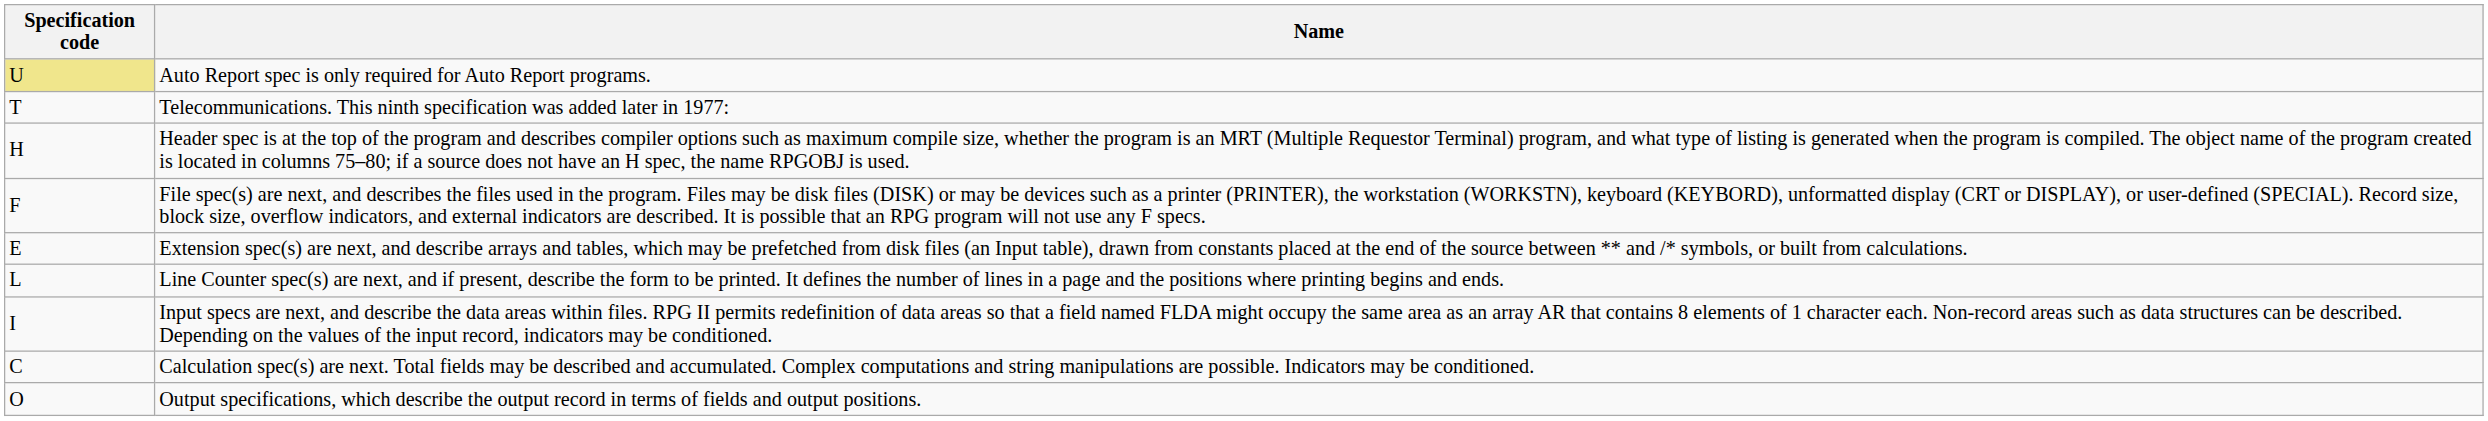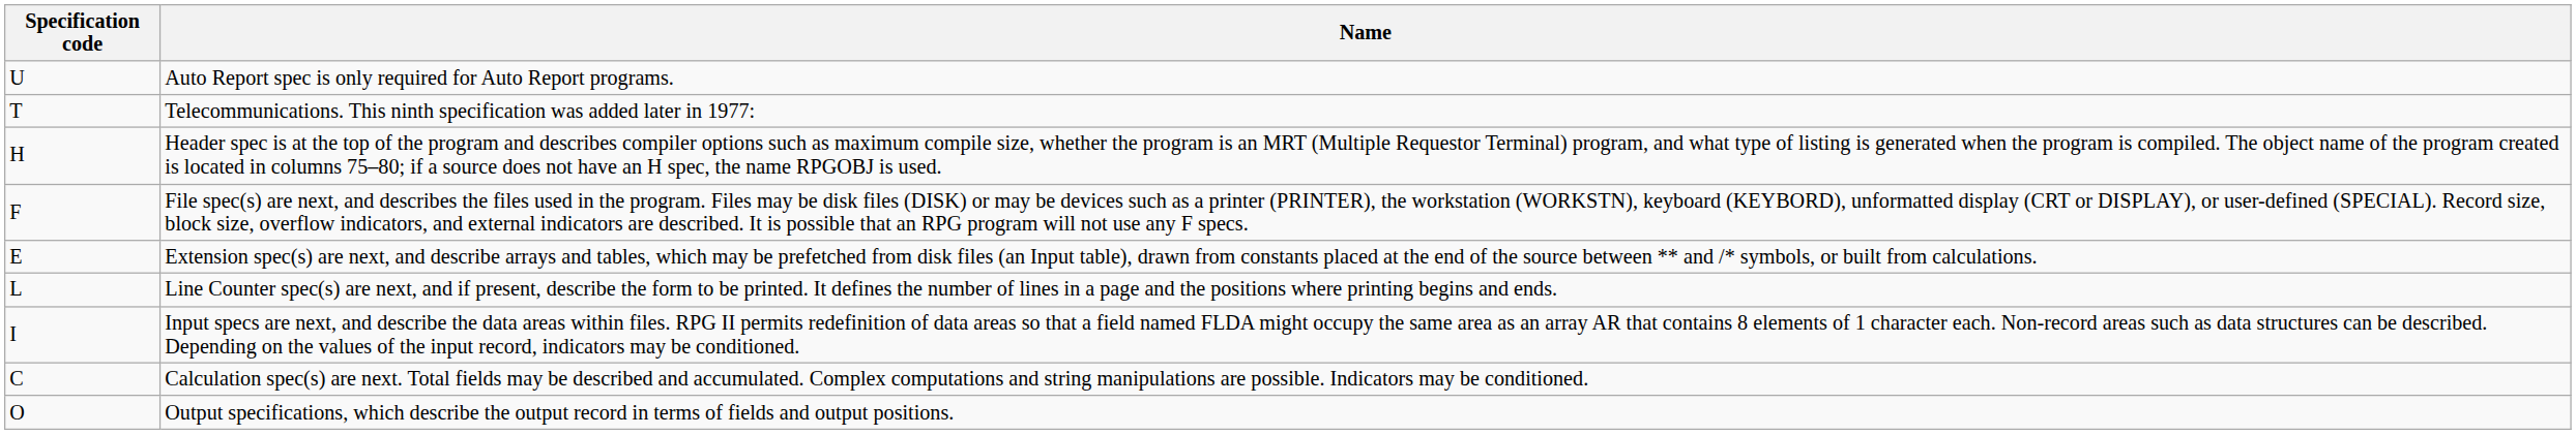 <table class="wikitable sortable" border="1">
 <tr>
 <th>Specification code</th>
 <th>Name</th>
 </tr>
 <tr>
-<td style="background: khaki;">U</td>
+<td>U</td>
 <td>Auto Report spec is only required for Auto Report programs.</td>
 </tr>
 <tr>
 <td>T</td>
 <td>Telecommunications. This ninth specification was added later in 1977:</td>
 </tr>
 <tr>
 <td>H</td>
 <td>Header spec is at the top of the program and describes compiler options such as maximum compile size, whether the program is an MRT (Multiple Requestor Terminal) program, and what type of listing is generated when the program is compiled.  The object name of the program created is located in columns 75–80; if a source does not have an H spec, the name RPGOBJ is used.</td>
 </tr>
 <tr>
 <td>F</td>
 <td>File spec(s) are next, and describes the files used in the program.  Files may be disk files (DISK) or may be devices such as a printer (PRINTER), the workstation (WORKSTN), keyboard (KEYBORD), unformatted display (CRT or DISPLAY), or user-defined (SPECIAL).  Record size, block size, overflow indicators, and external indicators are described.  It is possible that an RPG program will not use any F specs.</td>
 </tr>
 <tr>
 <td>E</td>
 <td>Extension spec(s) are next, and describe arrays and tables, which may be prefetched from disk files (an Input table), drawn from constants placed at the end of the source between ** and /* symbols, or built from calculations.</td>
 </tr>
 <tr>
 <td>L</td>
 <td>Line Counter spec(s) are next, and if present, describe the form to be printed.  It defines the number of lines in a page and the positions where printing begins and ends.</td>
 </tr>
 <tr>
 <td>I</td>
 <td>Input specs are next, and describe the data areas within files.  RPG II permits redefinition of data areas so that a field named FLDA might occupy the same area as an array AR that contains 8 elements of 1 character each.  Non-record areas such as data structures can be described.  Depending on the values of the input record, indicators may be conditioned.</td>
 </tr>
 <tr>
 <td>C</td>
 <td>Calculation spec(s) are next.  Total fields may be described and accumulated.  Complex computations and string manipulations are possible.  Indicators may be conditioned.</td>
 </tr>
 <tr>
 <td>O</td>
 <td>Output specifications, which describe the output record in terms of fields and output positions.</td>
 </tr>
 </table>
